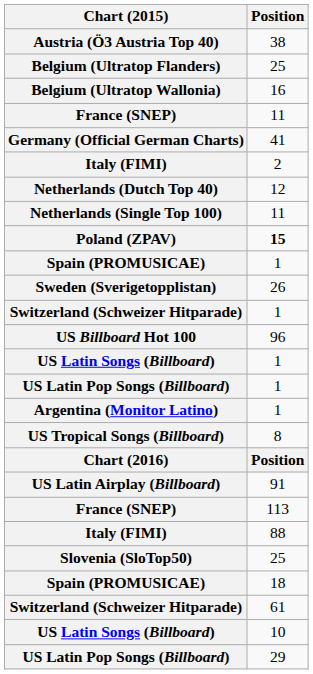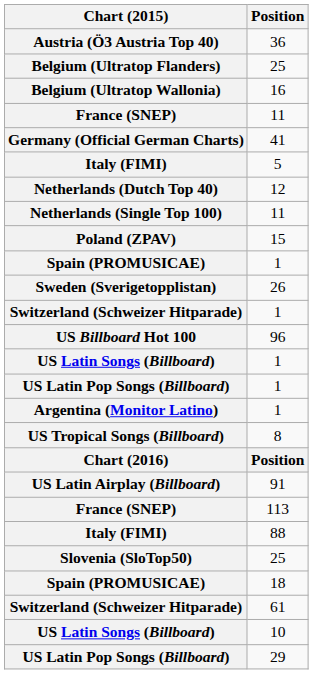 <table class="wikitable sortable plainrowheaders" style="text-align:center;">
 <tr>
 <th>Chart (2015)</th>
 <th>Position</th>
 </tr>
 <tr>
 <th scope="row">Austria (Ö3 Austria Top 40)</th>
-<td>38</td>
+<td>36</td>
 </tr>
 <tr>
 <th scope="row">Belgium (Ultratop Flanders)</th>
 <td>25</td>
 </tr>
 <tr>
 <th scope="row">Belgium (Ultratop Wallonia)</th>
 <td>16</td>
 </tr>
 <tr>
 <th scope="row">France (SNEP)</th>
 <td>11</td>
 </tr>
 <tr>
 <th scope="row">Germany (Official German Charts)</th>
 <td>41</td>
 </tr>
 <tr>
 <th scope="row">Italy (FIMI)</th>
-<td>2</td>
+<td>5</td>
 </tr>
 <tr>
 <th scope="row">Netherlands (Dutch Top 40)</th>
 <td>12</td>
 </tr>
 <tr>
 <th scope="row">Netherlands (Single Top 100)</th>
 <td>11</td>
 </tr>
 <tr>
 <th scope="row">Poland (ZPAV)</th>
-<td><strong>15</strong></td>
+<td>15</td>
 </tr>
 <tr>
 <th scope="row">Spain (PROMUSICAE)</th>
 <td>1</td>
 </tr>
 <tr>
 <th scope="row">Sweden (Sverigetopplistan)</th>
 <td>26</td>
 </tr>
 <tr>
 <th scope="row">Switzerland (Schweizer Hitparade)</th>
 <td>1</td>
 </tr>
 <tr>
 <th scope="row">US  <em>Billboard</em> Hot 100</th>
 <td>96</td>
 </tr>
 <tr>
 <th scope="row">US <a href='#'>Latin Songs</a> (<em>Billboard</em>)</th>
 <td>1</td>
 </tr>
 <tr>
 <th scope="row">US Latin Pop Songs (<em>Billboard</em>)</th>
 <td>1</td>
 </tr>
 <tr>
 <th scope="row">Argentina (<a href='#'>Monitor Latino</a>)</th>
 <td>1</td>
 </tr>
 <tr>
 <th scope="row">US Tropical Songs (<em>Billboard</em>)</th>
 <td>8</td>
 </tr>
 <tr>
 <th>Chart (2016)</th>
 <th>Position</th>
 </tr>
 <tr>
 <th scope="row">US Latin Airplay (<em>Billboard</em>)</th>
 <td>91</td>
 </tr>
 <tr>
 <th scope="row">France (SNEP)</th>
 <td>113</td>
 </tr>
 <tr>
 <th scope="row">Italy (FIMI)</th>
 <td>88</td>
 </tr>
 <tr>
 <th scope="row">Slovenia (SloTop50)</th>
 <td>25</td>
 </tr>
 <tr>
 <th scope="row">Spain (PROMUSICAE)</th>
 <td>18</td>
 </tr>
 <tr>
 <th scope="row">Switzerland (Schweizer Hitparade)</th>
 <td>61</td>
 </tr>
 <tr>
 <th scope="row">US <a href='#'>Latin Songs</a> (<em>Billboard</em>)</th>
 <td>10</td>
 </tr>
 <tr>
 <th scope="row">US Latin Pop Songs (<em>Billboard</em>)</th>
 <td>29</td>
 </tr>
 </table>
